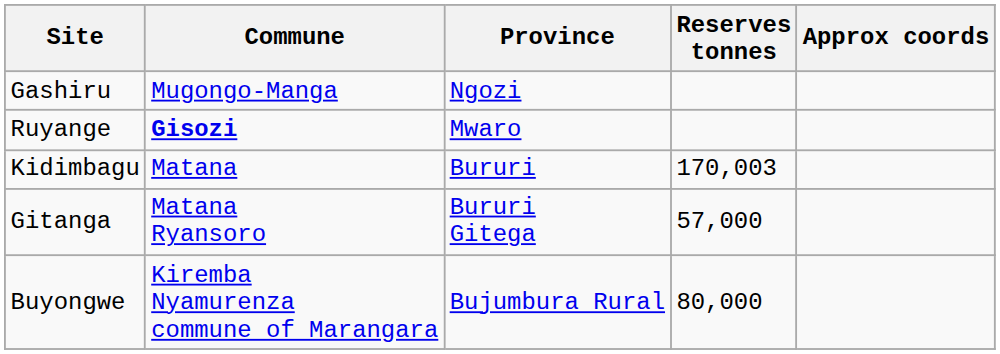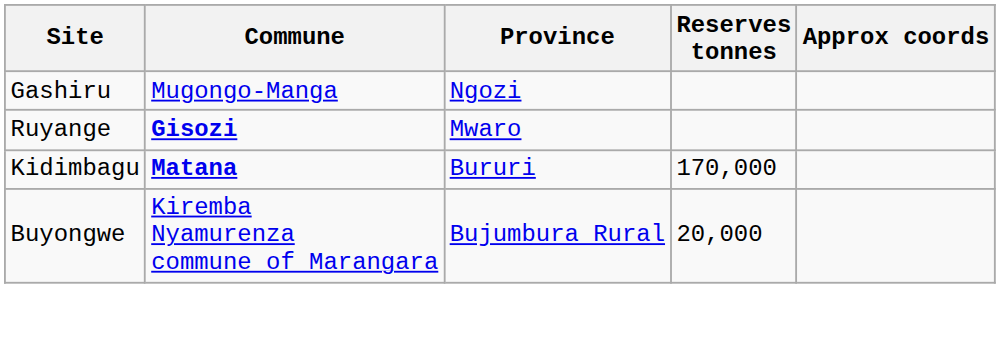 <table class="wikitable sortable'">
 <tr>
 <th>Site</th>
 <th>Commune</th>
 <th>Province</th>
 <th>Reserves<br>tonnes</th>
 <th>Approx coords</th>
 </tr>
 <tr>
 <td>Gashiru</td>
 <td><a href='#'>Mugongo-Manga</a></td>
 <td><a href='#'>Ngozi</a></td>
 <td></td>
 <td></td>
 </tr>
 <tr>
 <td>Ruyange</td>
 <td><strong><a href='#'>Gisozi</a></strong></td>
 <td><a href='#'>Mwaro</a></td>
 <td></td>
 <td></td>
 </tr>
 <tr>
 <td>Kidimbagu</td>
-<td><a href='#'>Matana</a></td>
+<td><strong><a href='#'>Matana</a></strong></td>
 <td><a href='#'>Bururi</a></td>
-<td>170,003</td>
-<td></td>
-</tr>
-<tr>
-<td>Gitanga</td>
-<td><a href='#'>Matana</a><br><a href='#'>Ryansoro</a></td>
-<td><a href='#'>Bururi</a><br><a href='#'>Gitega</a></td>
-<td>57,000</td>
+<td>170,000</td>
 <td></td>
 </tr>
 <tr>
 <td>Buyongwe</td>
 <td><a href='#'>Kiremba</a><br><a href='#'>Nyamurenza</a><br><a href='#'>commune of Marangara</a></td>
 <td><a href='#'>Bujumbura Rural</a></td>
-<td>80,000</td>
+<td>20,000</td>
 <td></td>
 </tr>
 </table>
